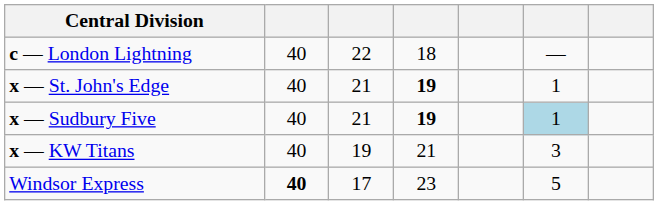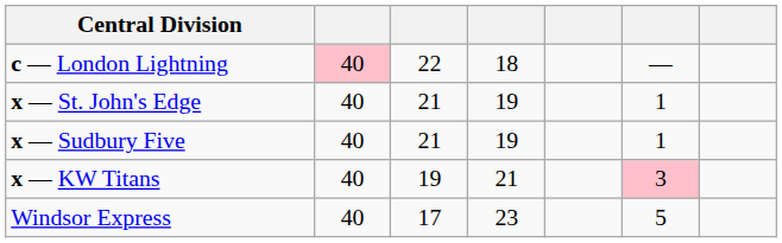 <table class="wikitable" width="500" style="font-size:95%; text-align:center">
 <tr>
 <th width="30%">Central Division</th>
 <th width="7.5%"></th>
 <th width="7.5%"></th>
 <th width="7.5%"></th>
 <th width="7.5%"></th>
 <th width="7.5%"></th>
 <th width="7.5%"></th>
 </tr>
 <tr>
 <td style="text-align:left;"><strong>c</strong> — <a href='#'>London Lightning</a></td>
-<td>40</td>
+<td style="background: pink;">40</td>
 <td>22</td>
 <td>18</td>
 <td></td>
 <td>—</td>
 <td></td>
 </tr>
 <tr>
 <td style="text-align:left;"><strong>x</strong> — <a href='#'>St. John's Edge</a></td>
 <td>40</td>
 <td>21</td>
-<td><strong>19</strong></td>
+<td>19</td>
 <td></td>
 <td>1</td>
 <td></td>
 </tr>
 <tr>
 <td style="text-align:left;"><strong>x</strong> — <a href='#'>Sudbury Five</a></td>
 <td>40</td>
 <td>21</td>
-<td><strong>19</strong></td>
+<td>19</td>
 <td></td>
-<td style="background: lightblue;">1</td>
+<td>1</td>
 <td></td>
 </tr>
 <tr>
 <td style="text-align:left;"><strong>x</strong> — <a href='#'>KW Titans</a></td>
 <td>40</td>
 <td>19</td>
 <td>21</td>
 <td></td>
-<td>3</td>
+<td style="background: pink;">3</td>
 <td></td>
 </tr>
 <tr>
 <td style="text-align:left;"><a href='#'>Windsor Express</a></td>
-<td><strong>40</strong></td>
+<td>40</td>
 <td>17</td>
 <td>23</td>
 <td></td>
 <td>5</td>
 <td></td>
 </tr>
 </table>
